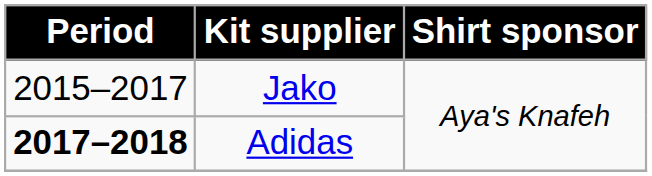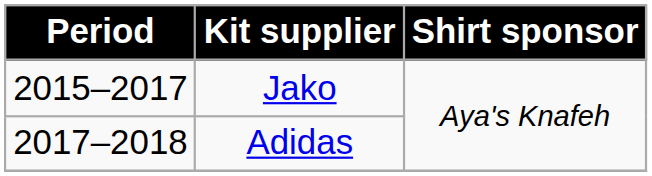 <table class="wikitable"  style="text-align: center;">
 <tr>
 <th style="color:#FFFFFF; background:black;">Period</th>
 <th style="color:#FFFFFF; background:black;">Kit supplier</th>
 <th style="color:#FFFFFF; background:black;">Shirt sponsor</th>
 </tr>
 <tr>
 <td>2015–2017</td>
 <td><a href='#'>Jako</a></td>
 <td rowspan="2"><small><em>Aya's Knafeh</em></small></td>
 </tr>
 <tr>
-<td><strong>2017–2018</strong></td>
+<td>2017–2018</td>
 <td><a href='#'>Adidas</a></td>
 </tr>
 <tr>
 </tr>
 </table>
